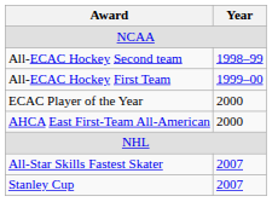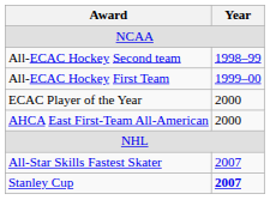 <table class="wikitable">
 <tr>
 <th>Award</th>
 <th>Year</th>
 </tr>
 <tr ALIGN="center" bgcolor="#e0e0e0">
 <td colspan="2"><a href='#'>NCAA</a></td>
 </tr>
 <tr>
 <td>All-<a href='#'>ECAC Hockey</a> <a href='#'>Second team</a></td>
 <td><a href='#'>1998–99</a></td>
 </tr>
 <tr>
 <td>All-<a href='#'>ECAC Hockey</a> <a href='#'>First Team</a></td>
 <td><a href='#'>1999–00</a></td>
 </tr>
 <tr>
 <td>ECAC Player of the Year</td>
 <td>2000</td>
 </tr>
 <tr>
 <td><a href='#'>AHCA</a> <a href='#'>East First-Team All-American</a></td>
 <td>2000</td>
 </tr>
 <tr ALIGN="center" bgcolor="#e0e0e0">
 <td colspan="2"><a href='#'>NHL</a></td>
 </tr>
 <tr>
 <td><a href='#'>All-Star Skills Fastest Skater</a></td>
 <td><a href='#'>2007</a></td>
 </tr>
 <tr>
 <td><a href='#'>Stanley Cup</a></td>
-<td><a href='#'>2007</a></td>
+<td><strong><a href='#'>2007</a></strong></td>
 </tr>
 </table>
